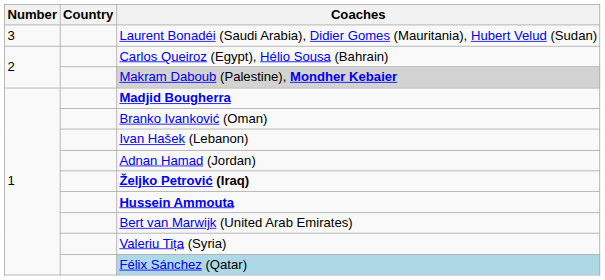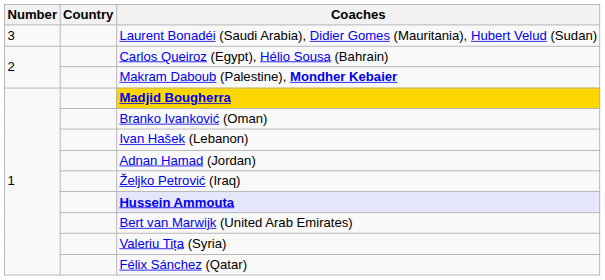 <table class="wikitable">
 <tr>
 <th>Number</th>
 <th>Country</th>
 <th>Coaches</th>
 </tr>
 <tr>
 <td>3</td>
 <td></td>
 <td><a href='#'>Laurent Bonadéi</a> (Saudi Arabia), <a href='#'>Didier Gomes</a> (Mauritania), <a href='#'>Hubert Velud</a> (Sudan)</td>
 </tr>
 <tr>
 <td rowspan=2>2</td>
 <td></td>
 <td><a href='#'>Carlos Queiroz</a> (Egypt), <a href='#'>Hélio Sousa</a> (Bahrain)</td>
 </tr>
 <tr>
 <td></td>
-<td style="background: lightgrey;"><a href='#'>Makram Daboub</a> (Palestine), <strong><a href='#'>Mondher Kebaier</a></strong></td>
+<td><a href='#'>Makram Daboub</a> (Palestine), <strong><a href='#'>Mondher Kebaier</a></strong></td>
 </tr>
 <tr>
 <td rowspan=9>1</td>
 <td></td>
-<td><strong><a href='#'>Madjid Bougherra</a></strong></td>
+<td style="background: gold;"><strong><a href='#'>Madjid Bougherra</a></strong></td>
 </tr>
 <tr>
 <td></td>
 <td><a href='#'>Branko Ivanković</a> (Oman)</td>
 </tr>
 <tr>
 <td></td>
 <td><a href='#'>Ivan Hašek</a> (Lebanon)</td>
 </tr>
 <tr>
 <td></td>
 <td><a href='#'>Adnan Hamad</a> (Jordan)</td>
 </tr>
 <tr>
 <td></td>
-<td><strong><a href='#'>Željko Petrović</a> (Iraq)</strong></td>
+<td><a href='#'>Željko Petrović</a> (Iraq)</td>
 </tr>
 <tr>
 <td></td>
-<td><strong><a href='#'>Hussein Ammouta</a></strong></td>
+<td style="background: lavender;"><strong><a href='#'>Hussein Ammouta</a></strong></td>
 </tr>
 <tr>
 <td></td>
 <td><a href='#'>Bert van Marwijk</a> (United Arab Emirates)</td>
 </tr>
 <tr>
 <td></td>
 <td><a href='#'>Valeriu Tița</a> (Syria)</td>
 </tr>
 <tr>
 <td></td>
-<td style="background: lightblue;"><a href='#'>Félix Sánchez</a> (Qatar)</td>
+<td><a href='#'>Félix Sánchez</a> (Qatar)</td>
 </tr>
 </table>
